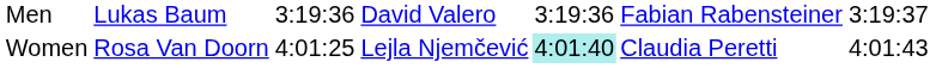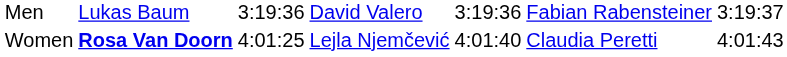 <table>
 <tr>
 <td align="left">Men</td>
 <td> <a href='#'>Lukas Baum</a></td>
 <td>3:19:36</td>
 <td> <a href='#'>David Valero</a></td>
 <td>3:19:36</td>
 <td> <a href='#'>Fabian Rabensteiner</a></td>
 <td>3:19:37</td>
 </tr>
 <tr>
 <td align="left">Women</td>
-<td> <a href='#'>Rosa Van Doorn</a></td>
+<td><strong> <a href='#'>Rosa Van Doorn</a></strong></td>
 <td>4:01:25</td>
 <td> <a href='#'>Lejla Njemčević</a></td>
-<td style="background: paleturquoise;">4:01:40</td>
+<td>4:01:40</td>
 <td> <a href='#'>Claudia Peretti</a></td>
 <td>4:01:43</td>
 </tr>
 </table>
